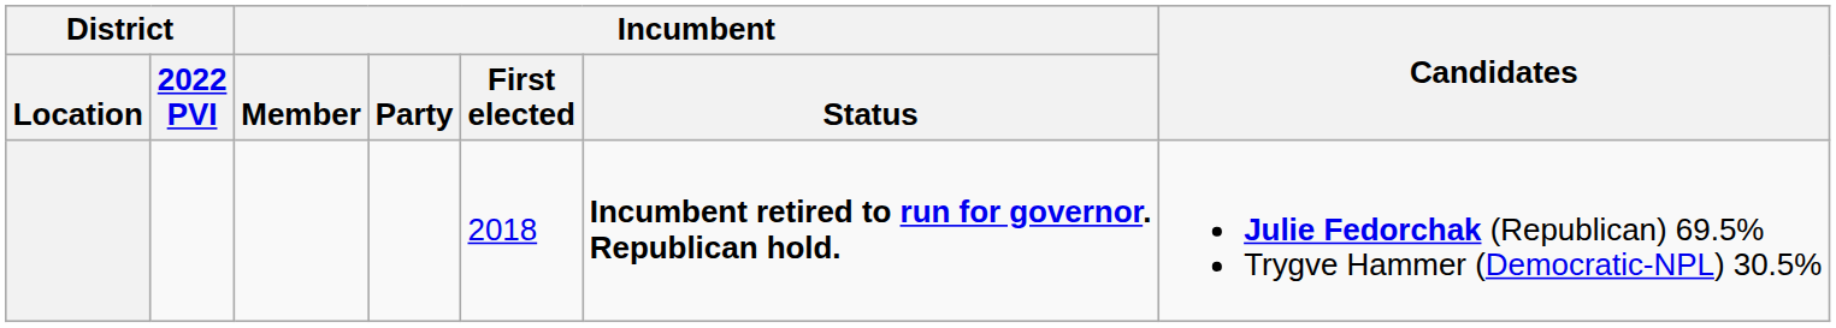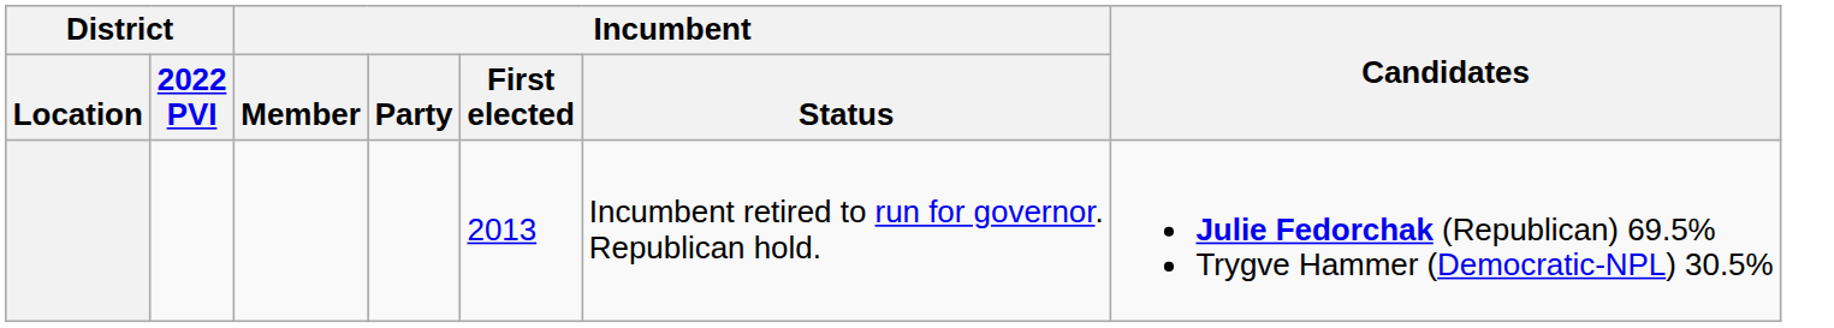 <table class="wikitable sortable">
 <tr>
 <th colspan=2>District</th>
 <th colspan=4>Incumbent</th>
 <th rowspan=2 class="unsortable">Candidates</th>
 </tr>
 <tr valign=bottom>
 <th>Location</th>
 <th><a href='#'>2022<br>PVI</a></th>
 <th>Member</th>
 <th>Party</th>
 <th>First<br>elected</th>
 <th>Status</th>
 </tr>
 <tr>
 <th></th>
 <td></td>
 <td></td>
 <td></td>
-<td><a href='#'>2018</a></td>
-<td><strong>Incumbent retired to <a href='#'>run for governor</a>.<br>Republican hold.</strong></td>
+<td><a href='#'>2013</a></td>
+<td>Incumbent retired to <a href='#'>run for governor</a>.<br>Republican hold.</td>
 <td nowrap><br><ul><li> <strong><a href='#'>Julie Fedorchak</a></strong> (Republican) 69.5%</li><li>Trygve Hammer (<a href='#'>Democratic-NPL</a>) 30.5%</li></ul></td>
 </tr>
 </table>
